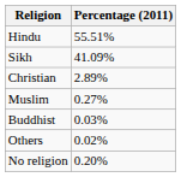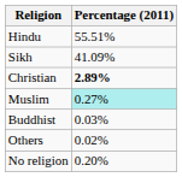 <table class="wikitable sortable">
 <tr>
 <th>Religion</th>
 <th>Percentage (2011)</th>
 </tr>
 <tr>
 <td>Hindu</td>
 <td>55.51%</td>
 </tr>
 <tr>
 <td>Sikh</td>
 <td>41.09%</td>
 </tr>
 <tr>
 <td>Christian</td>
-<td>2.89%</td>
+<td><strong>2.89%</strong></td>
 </tr>
 <tr>
 <td>Muslim</td>
-<td>0.27%</td>
+<td style="background: paleturquoise;">0.27%</td>
 </tr>
 <tr>
 <td>Buddhist</td>
 <td>0.03%</td>
 </tr>
 <tr>
 <td>Others</td>
 <td>0.02%</td>
 </tr>
 <tr>
 <td>No religion</td>
 <td>0.20%</td>
 </tr>
 </table>
